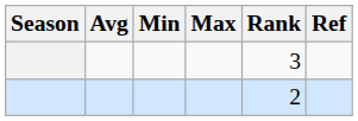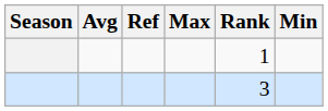 <table class="wikitable plainrowheaders sortable">
 <tr>
 <th scope=col>Season</th>
 <th scope=col>Avg</th>
-<th scope=col>Min</th>
+<th scope=col class="unsortable">Ref</th>
 <th scope=col>Max</th>
 <th scope=col>Rank</th>
-<th scope=col class="unsortable">Ref</th>
+<th scope=col>Min</th>
 </tr>
 <tr>
 <th scope=row align=right></th>
 <td stalign=right></td>
+<td align=center></td>
 <td align=right></td>
+<td align=right>1</td>
 <td align=right></td>
-<td align=right>3</td>
-<td align=center></td>
 </tr>
 <tr style="background-color: #D0E7FF">
 <th scope=row style="background-color: #D0E7FF" align=right></th>
 <td align=right></td>
+<td align=center></td>
 <td align=right></td>
+<td align=right>3</td>
 <td align=right></td>
-<td align=right>2</td>
-<td align=center></td>
 </tr>
 </table>
